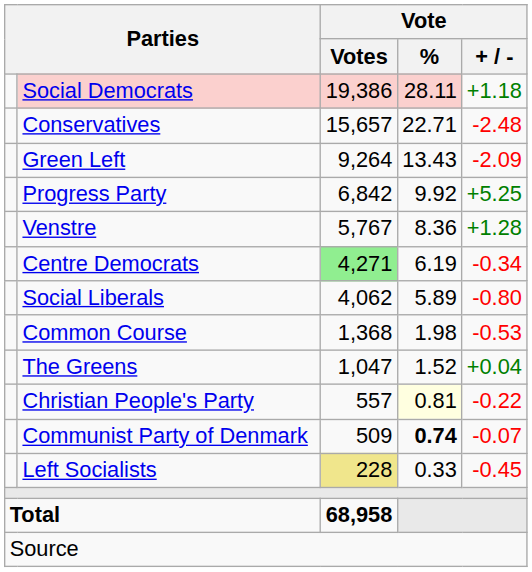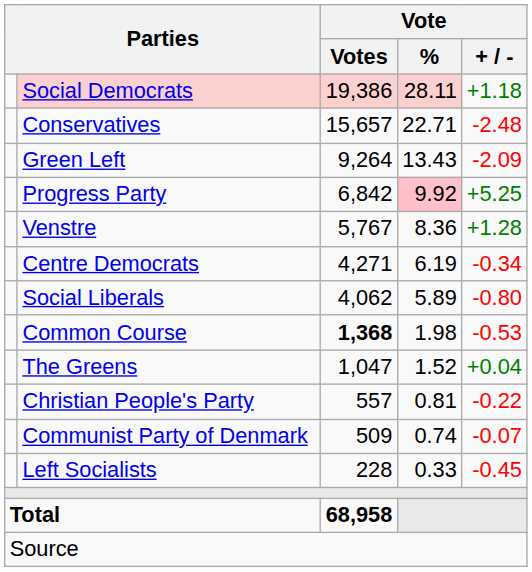 <table class="wikitable" style="text-align:right;">
 <tr>
 <th style="text-align:centre;" rowspan="2" colspan="2" width="225">Parties</th>
 <th colspan="3">Vote</th>
 </tr>
 <tr>
 <th width="15">Votes</th>
 <th width="15">%</th>
 <th width="15">+ / -</th>
 </tr>
 <tr>
 <td width="2" style="color:inherit;background:"></td>
 <td bgcolor=#fbd0ce  align="left"><a href='#'>Social Democrats</a></td>
 <td bgcolor=#fbd0ce>19,386</td>
 <td bgcolor=#fbd0ce>28.11</td>
 <td style=color:green;>+1.18</td>
 </tr>
 <tr>
 <td width="2" style="color:inherit;background:"></td>
 <td align="left"><a href='#'>Conservatives</a></td>
 <td>15,657</td>
 <td>22.71</td>
 <td style=color:red;>-2.48</td>
 </tr>
 <tr>
 <td width="2" style="color:inherit;background:"></td>
 <td align="left"><a href='#'>Green Left</a></td>
 <td>9,264</td>
 <td>13.43</td>
 <td style=color:red;>-2.09</td>
 </tr>
 <tr>
 <td width="2" style="color:inherit;background:"></td>
 <td align="left"><a href='#'>Progress Party</a></td>
 <td>6,842</td>
-<td>9.92</td>
+<td style="background: pink;">9.92</td>
 <td style=color:green;>+5.25</td>
 </tr>
 <tr>
 <td width="2" style="color:inherit;background:"></td>
 <td align="left"><a href='#'>Venstre</a></td>
 <td>5,767</td>
 <td>8.36</td>
 <td style=color:green;>+1.28</td>
 </tr>
 <tr>
 <td width="2" style="color:inherit;background:"></td>
 <td align="left"><a href='#'>Centre Democrats</a></td>
-<td style="background: lightgreen;">4,271</td>
+<td>4,271</td>
 <td>6.19</td>
 <td style=color:red;>-0.34</td>
 </tr>
 <tr>
 <td width="2" style="color:inherit;background:"></td>
 <td align="left"><a href='#'>Social Liberals</a></td>
 <td>4,062</td>
 <td>5.89</td>
 <td style=color:red;>-0.80</td>
 </tr>
 <tr>
 <td width="2" style="color:inherit;background:"></td>
 <td align="left"><a href='#'>Common Course</a></td>
-<td>1,368</td>
+<td><strong>1,368</strong></td>
 <td>1.98</td>
 <td style=color:red;>-0.53</td>
 </tr>
 <tr>
 <td width="2" style="color:inherit;background:"></td>
 <td align="left"><a href='#'>The Greens</a></td>
 <td>1,047</td>
 <td>1.52</td>
 <td style=color:green;>+0.04</td>
 </tr>
 <tr>
 <td width="2" style="color:inherit;background:"></td>
 <td align="left"><a href='#'>Christian People's Party</a></td>
 <td>557</td>
-<td style="background: lightyellow;">0.81</td>
+<td>0.81</td>
 <td style=color:red;>-0.22</td>
 </tr>
 <tr>
 <td width="2" style="color:inherit;background:"></td>
 <td align="left"><a href='#'>Communist Party of Denmark</a></td>
 <td>509</td>
-<td><strong>0.74</strong></td>
+<td>0.74</td>
 <td style=color:red;>-0.07</td>
 </tr>
 <tr>
 <td width="2" style="color:inherit;background:"></td>
 <td align="left"><a href='#'>Left Socialists</a></td>
-<td style="background: khaki;">228</td>
+<td>228</td>
 <td>0.33</td>
 <td style=color:red;>-0.45</td>
 </tr>
 <tr>
 <td colspan="7" bgcolor="#E9E9E9"></td>
 </tr>
 <tr>
 <td align="left" colspan="2"><strong>Total</strong></td>
 <td><strong>68,958</strong></td>
 <td bgcolor="#E9E9E9" colspan="2"></td>
 </tr>
 <tr>
 <td align="left" colspan="6">Source</td>
 </tr>
 </table>
